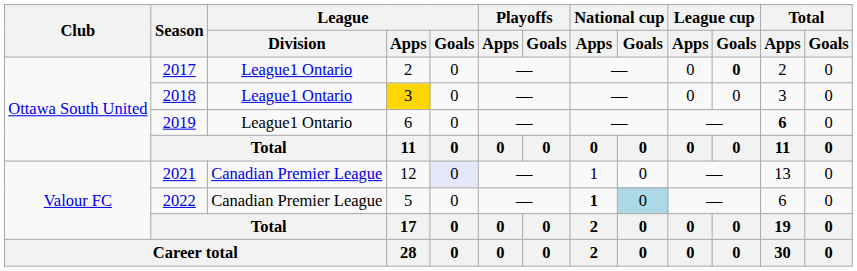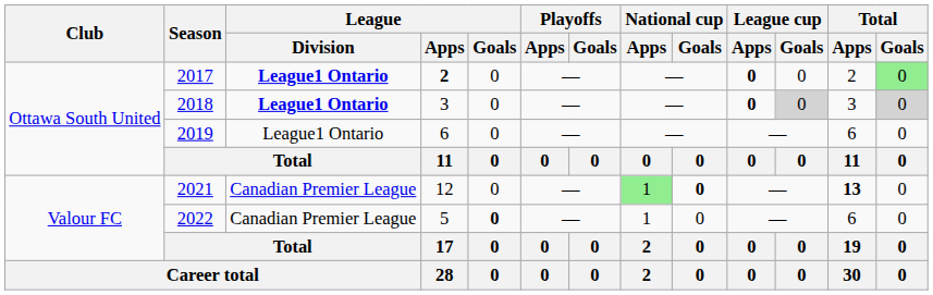 <table class="wikitable" style="text-align: center;">
 <tr>
 <th rowspan="2">Club</th>
 <th rowspan="2">Season</th>
 <th colspan="3">League</th>
 <th colspan="2">Playoffs</th>
 <th colspan="2">National cup</th>
 <th colspan="2">League cup</th>
 <th colspan="2">Total</th>
 </tr>
 <tr>
 <th>Division</th>
 <th>Apps</th>
 <th>Goals</th>
 <th>Apps</th>
 <th>Goals</th>
 <th>Apps</th>
 <th>Goals</th>
 <th>Apps</th>
 <th>Goals</th>
 <th>Apps</th>
 <th>Goals</th>
 </tr>
 <tr>
 <td rowspan="4"><a href='#'>Ottawa South United</a></td>
 <td><a href='#'>2017</a></td>
-<td><a href='#'>League1 Ontario</a></td>
-<td>2</td>
+<td><strong><a href='#'>League1 Ontario</a></strong></td>
+<td><strong>2</strong></td>
 <td>0</td>
 <td colspan="2">—</td>
 <td colspan="2">—</td>
+<td><strong>0</strong></td>
 <td>0</td>
-<td><strong>0</strong></td>
 <td>2</td>
-<td>0</td>
+<td style="background: lightgreen;">0</td>
 </tr>
 <tr>
 <td><a href='#'>2018</a></td>
-<td><a href='#'>League1 Ontario</a></td>
-<td style="background: gold;">3</td>
+<td><strong><a href='#'>League1 Ontario</a></strong></td>
+<td>3</td>
 <td>0</td>
 <td colspan="2">—</td>
 <td colspan="2">—</td>
-<td>0</td>
-<td>0</td>
+<td><strong>0</strong></td>
+<td style="background: lightgrey;">0</td>
 <td>3</td>
-<td>0</td>
+<td style="background: lightgrey;">0</td>
 </tr>
 <tr>
 <td><a href='#'>2019</a></td>
 <td>League1 Ontario</td>
 <td>6</td>
 <td>0</td>
 <td colspan="2">—</td>
 <td colspan="2">—</td>
 <td colspan="2">—</td>
-<td><strong>6</strong></td>
+<td>6</td>
 <td>0</td>
 </tr>
 <tr>
 <th colspan="2">Total</th>
 <th>11</th>
 <th>0</th>
 <th>0</th>
 <th>0</th>
 <th>0</th>
 <th>0</th>
 <th>0</th>
 <th>0</th>
 <th>11</th>
 <th>0</th>
 </tr>
 <tr>
 <td rowspan="3"><a href='#'>Valour FC</a></td>
 <td><a href='#'>2021</a></td>
 <td><a href='#'>Canadian Premier League</a></td>
 <td>12</td>
-<td style="background: lavender;">0</td>
-<td colspan="2">—</td>
-<td>1</td>
 <td>0</td>
 <td colspan="2">—</td>
-<td>13</td>
+<td style="background: lightgreen;">1</td>
+<td><strong>0</strong></td>
+<td colspan="2">—</td>
+<td><strong>13</strong></td>
 <td>0</td>
 </tr>
 <tr>
 <td><a href='#'>2022</a></td>
 <td>Canadian Premier League</td>
 <td>5</td>
+<td><strong>0</strong></td>
+<td colspan="2">—</td>
+<td>1</td>
 <td>0</td>
-<td colspan="2">—</td>
-<td><strong>1</strong></td>
-<td style="background: lightblue;">0</td>
 <td colspan="2">—</td>
 <td>6</td>
 <td>0</td>
 </tr>
 <tr>
 <th colspan="2">Total</th>
 <th>17</th>
 <th>0</th>
 <th>0</th>
 <th>0</th>
 <th>2</th>
 <th>0</th>
 <th>0</th>
 <th>0</th>
 <th>19</th>
 <th>0</th>
 </tr>
 <tr>
 <th colspan="3">Career total</th>
 <th>28</th>
 <th>0</th>
 <th>0</th>
 <th>0</th>
 <th>2</th>
 <th>0</th>
 <th>0</th>
 <th>0</th>
 <th>30</th>
 <th>0</th>
 </tr>
 </table>
